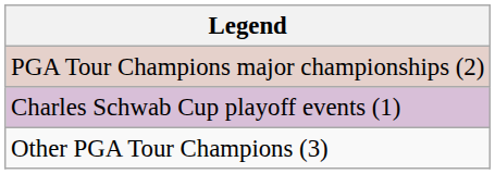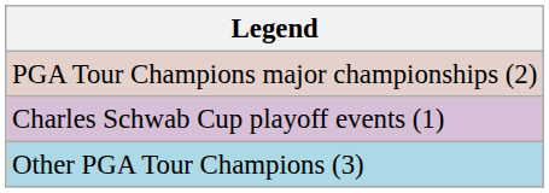 <table class="wikitable" style="font-size:95%;">
 <tr>
 <th>Legend</th>
 </tr>
 <tr style="background:#e5d1cb;">
 <td>PGA Tour Champions major championships (2)</td>
 </tr>
 <tr style="background:thistle">
 <td>Charles Schwab Cup playoff events (1)</td>
 </tr>
 <tr>
-<td>Other PGA Tour Champions (3)</td>
+<td style="background: lightblue;">Other PGA Tour Champions (3)</td>
 </tr>
 </table>
